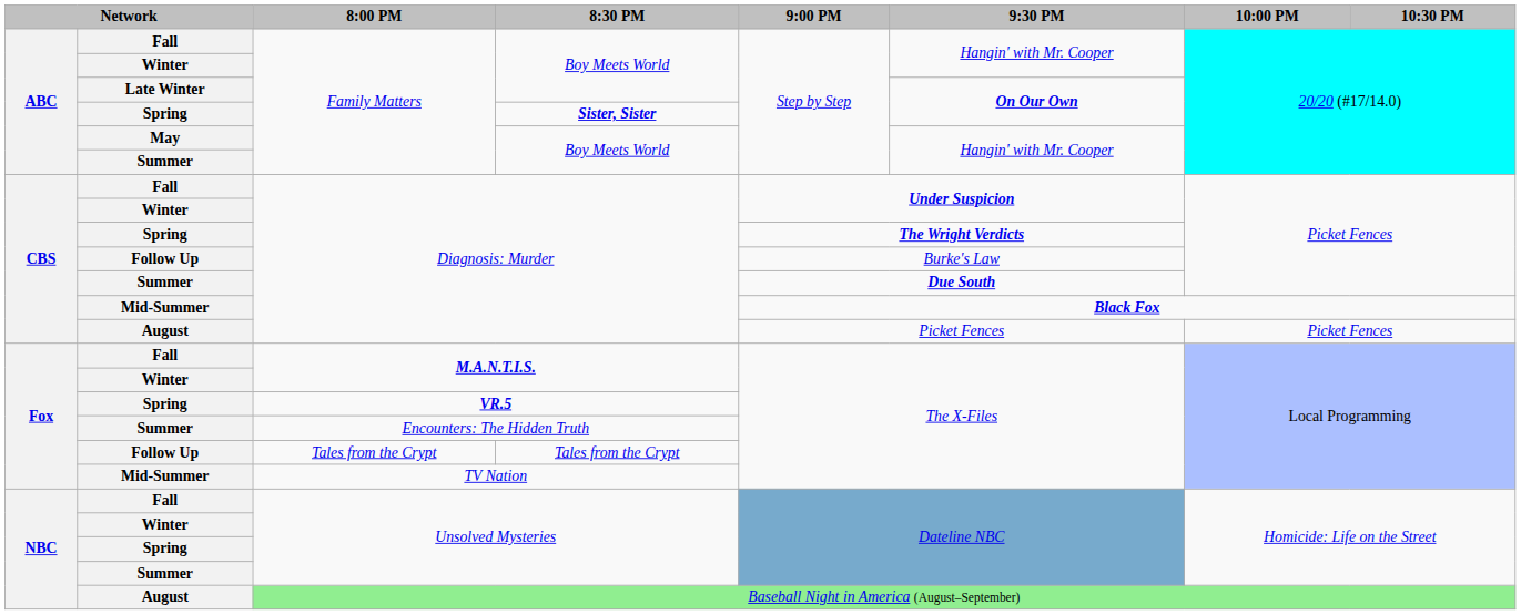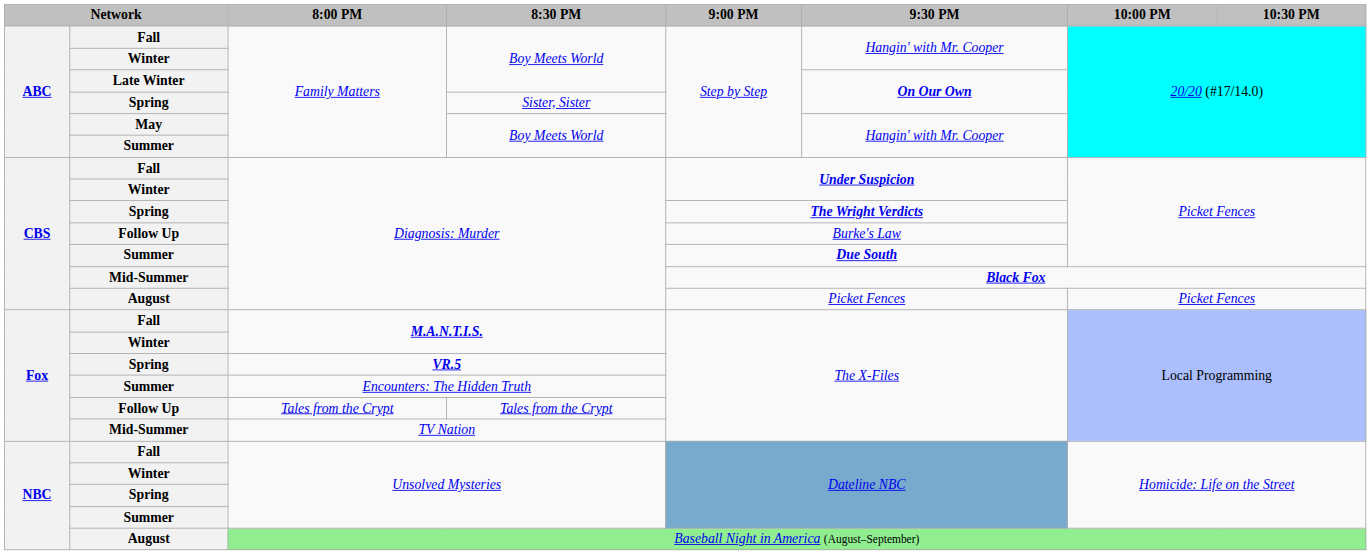 <table class="wikitable" style="width:100%;margin-right:0;text-align:center">
 <tr>
 <th colspan="2" style="background-color:#C0C0C0;text-align:center">Network</th>
 <th style="background-color:#C0C0C0;text-align:center">8:00 PM</th>
 <th style="background-color:#C0C0C0;text-align:center">8:30 PM</th>
 <th style="background-color:#C0C0C0;text-align:center">9:00 PM</th>
 <th style="background-color:#C0C0C0;text-align:center">9:30 PM</th>
 <th style="background-color:#C0C0C0;text-align:center">10:00 PM</th>
 <th style="background-color:#C0C0C0;text-align:center">10:30 PM</th>
 </tr>
 <tr>
 <th bgcolor="#C0C0C0" rowspan="6"><a href='#'>ABC</a></th>
 <th>Fall</th>
 <td rowspan="6"><em><a href='#'>Family Matters</a></em></td>
 <td rowspan="3"><em><a href='#'>Boy Meets World</a></em></td>
 <td rowspan="6"><em><a href='#'>Step by Step</a></em></td>
 <td rowspan="2"><em><a href='#'>Hangin' with Mr. Cooper</a></em></td>
 <td bgcolor="#00FFFF" rowspan="6" colspan="2"><em><a href='#'>20/20</a></em> (#17/14.0)</td>
 </tr>
 <tr>
 <th>Winter</th>
 </tr>
 <tr>
 <th>Late Winter</th>
 <td rowspan="2"><strong><em><a href='#'>On Our Own</a></em></strong></td>
 </tr>
 <tr>
 <th>Spring</th>
-<td><strong><em><a href='#'>Sister, Sister</a></em></strong></td>
+<td><em><a href='#'>Sister, Sister</a></em></td>
 </tr>
 <tr>
 <th>May</th>
 <td rowspan="2"><em><a href='#'>Boy Meets World</a></em></td>
 <td rowspan="2"><em><a href='#'>Hangin' with Mr. Cooper</a></em></td>
 </tr>
 <tr>
 <th>Summer</th>
 </tr>
 <tr>
 <th rowspan="7"><a href='#'>CBS</a></th>
 <th>Fall</th>
 <td colspan="2" rowspan="7"><em><a href='#'>Diagnosis: Murder</a></em></td>
 <td colspan="2" rowspan="2"><strong><em><a href='#'>Under Suspicion</a></em></strong></td>
 <td colspan="2" rowspan="5"><em><a href='#'>Picket Fences</a></em></td>
 </tr>
 <tr>
 <th>Winter</th>
 </tr>
 <tr>
 <th>Spring</th>
 <td colspan="2"><strong><em><a href='#'>The Wright Verdicts</a></em></strong></td>
 </tr>
 <tr>
 <th>Follow Up</th>
 <td colspan="2"><em><a href='#'>Burke's Law</a></em></td>
 </tr>
 <tr>
 <th>Summer</th>
 <td colspan="2"><strong><em><a href='#'>Due South</a></em></strong></td>
 </tr>
 <tr>
 <th>Mid-Summer</th>
 <td colspan="4"><strong><em><a href='#'>Black Fox</a></em></strong></td>
 </tr>
 <tr>
 <th>August</th>
 <td colspan="2"><em><a href='#'>Picket Fences</a></em></td>
 <td colspan="2"><em><a href='#'>Picket Fences</a></em></td>
 </tr>
 <tr>
 <th rowspan="6"><a href='#'>Fox</a></th>
 <th>Fall</th>
 <td rowspan="2" colspan="2"><strong><em><a href='#'>M.A.N.T.I.S.</a></em></strong></td>
 <td rowspan="6" colspan="2"><em><a href='#'>The X-Files</a></em></td>
 <td style="background:#abbfff;" rowspan="6" colspan="2">Local Programming</td>
 </tr>
 <tr>
 <th>Winter</th>
 </tr>
 <tr>
 <th>Spring</th>
 <td colspan="2"><strong><em><a href='#'>VR.5</a></em></strong></td>
 </tr>
 <tr>
 <th>Summer</th>
 <td colspan="2"><em><a href='#'>Encounters: The Hidden Truth</a></em></td>
 </tr>
 <tr>
 <th>Follow Up</th>
 <td><em><a href='#'>Tales from the Crypt</a></em></td>
 <td><em><a href='#'>Tales from the Crypt</a></em></td>
 </tr>
 <tr>
 <th>Mid-Summer</th>
 <td colspan="2"><em><a href='#'>TV Nation</a></em></td>
 </tr>
 <tr>
 <th rowspan="5"><a href='#'>NBC</a></th>
 <th>Fall</th>
 <td rowspan="4" colspan="2"><em><a href='#'>Unsolved Mysteries</a></em></td>
 <td bgcolor="#77AACC" rowspan="4" colspan="2"><em><a href='#'>Dateline NBC</a></em></td>
 <td rowspan="4" colspan="2"><em><a href='#'>Homicide: Life on the Street</a></em></td>
 </tr>
 <tr>
 <th>Winter</th>
 </tr>
 <tr>
 <th>Spring</th>
 </tr>
 <tr>
 <th>Summer</th>
 </tr>
 <tr>
 <th>August</th>
 <td bgcolor="lightgreen" colspan="6"><em><a href='#'>Baseball Night in America</a></em> <small>(August–September)</small></td>
 </tr>
 </table>
